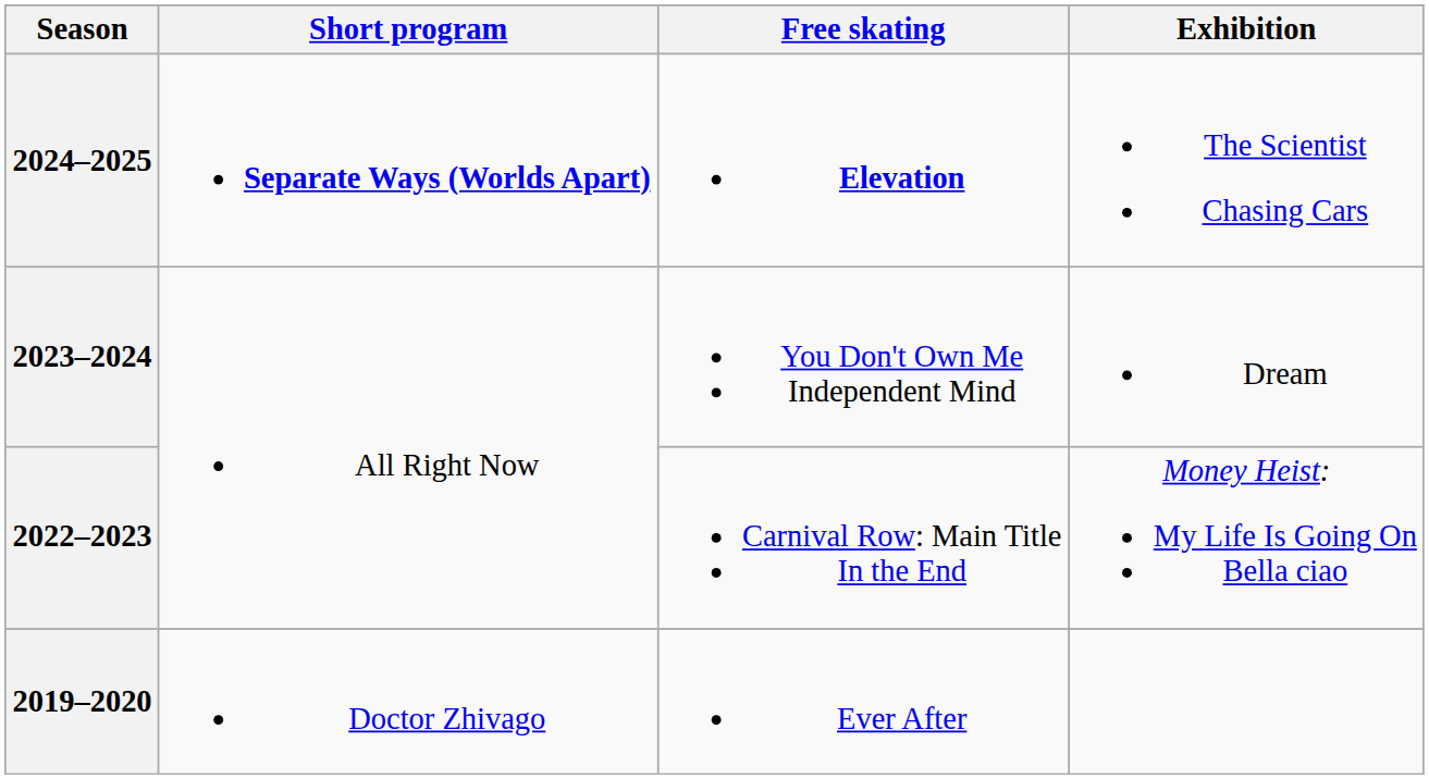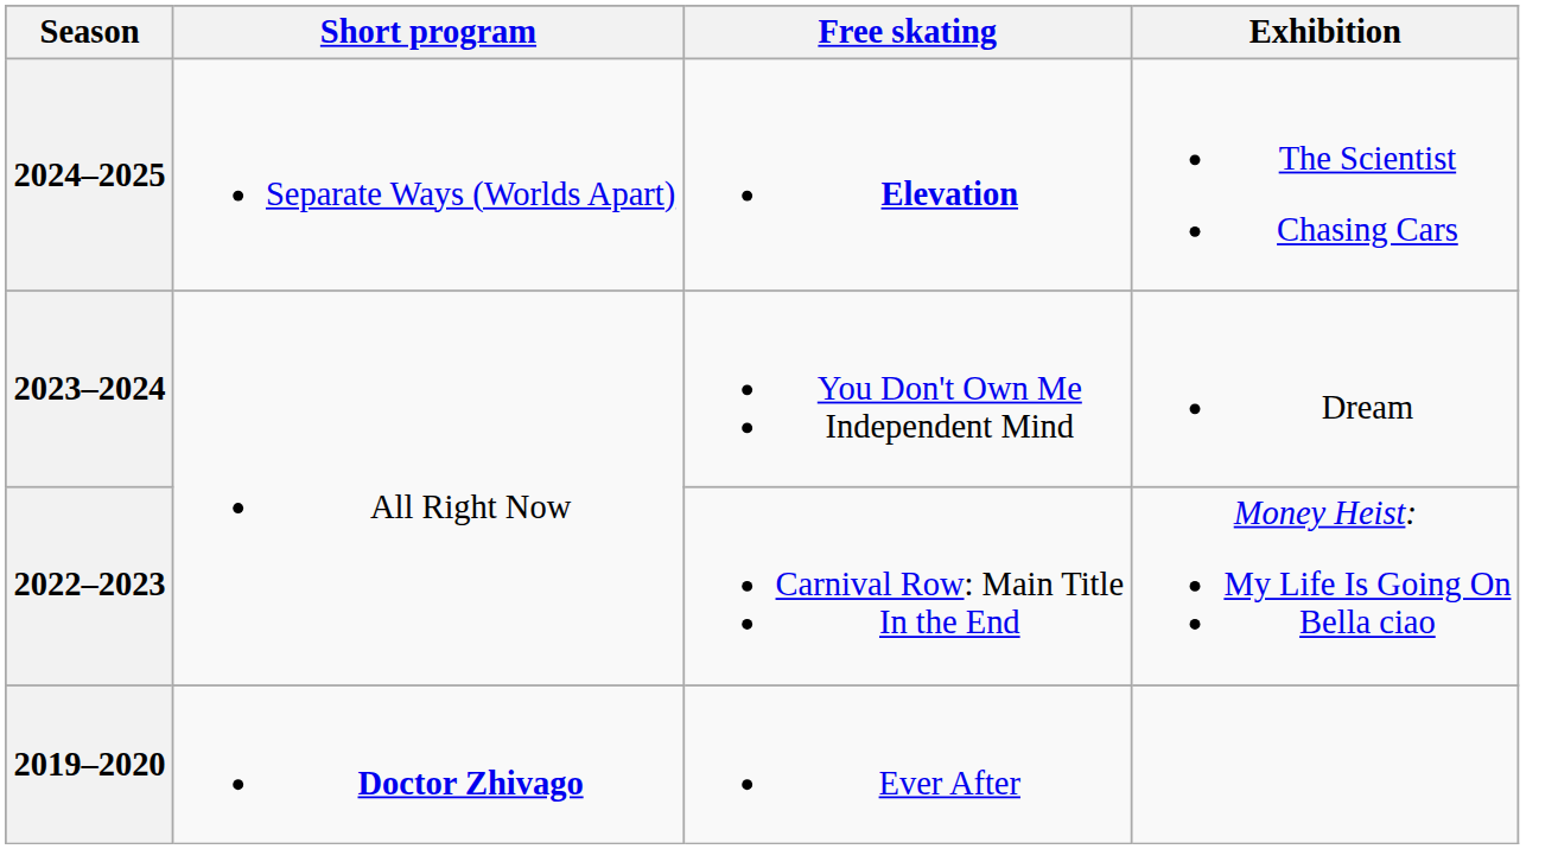 <table class=wikitable style=text-align:center>
 <tr>
 <th>Season</th>
 <th><a href='#'>Short program</a></th>
 <th><a href='#'>Free skating</a></th>
 <th>Exhibition</th>
 </tr>
 <tr>
 <th>2024–2025 <br> </th>
-<td><strong><br><ul><li><a href='#'>Separate Ways (Worlds Apart)</a> <br> </li></ul></strong></td>
+<td><br><ul><li><a href='#'>Separate Ways (Worlds Apart)</a> <br> </li></ul></td>
 <td><strong><br><ul><li><a href='#'>Elevation</a> <br> </li></ul></strong></td>
 <td><br><ul><li><a href='#'>The Scientist</a> <br> </li></ul><ul><li><a href='#'>Chasing Cars</a> <br></li></ul></td>
 </tr>
 <tr>
 <th>2023–2024 <br> </th>
 <td rowspan=2><br><ul><li>All Right Now <br></li></ul></td>
 <td><br><ul><li><a href='#'>You Don't Own Me</a> <br> </li><li>Independent Mind <br> </li></ul></td>
 <td><br><ul><li>Dream <br></li></ul></td>
 </tr>
 <tr>
 <th>2022–2023 <br> </th>
 <td><br><ul><li><a href='#'>Carnival Row</a>: Main Title <br></li><li><a href='#'>In the End</a> <br></li></ul></td>
 <td><em><a href='#'>Money Heist</a>:</em><br><ul><li><a href='#'>My Life Is Going On</a> <br></li><li><a href='#'>Bella ciao</a> <br></li></ul></td>
 </tr>
 <tr>
 <th>2019–2020 <br> </th>
-<td><br><ul><li><a href='#'>Doctor Zhivago</a> <br></li></ul></td>
+<td><strong><br><ul><li><a href='#'>Doctor Zhivago</a> <br></li></ul></strong></td>
 <td><br><ul><li><a href='#'>Ever After</a> <br></li></ul></td>
 <td></td>
 </tr>
 </table>
